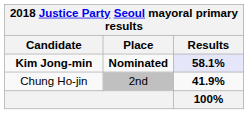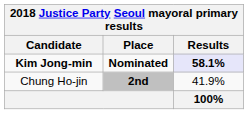 <table class="wikitable" style="text-align:center;">
 <tr>
 <th colspan=4>2018 <a href='#'>Justice Party</a> <a href='#'>Seoul</a> mayoral primary results</th>
 </tr>
 <tr>
 <th width=130><strong>Candidate</strong></th>
 <th width=90><strong>Place</strong></th>
 <th width=90><strong>Results</strong></th>
 </tr>
 <tr>
 <td><strong>Kim Jong-min</strong></td>
 <td style="background:"><strong>Nominated</strong></td>
 <td style="background: lavender;"><strong>58.1%</strong></td>
 </tr>
 <tr>
 <td>Chung Ho-jin</td>
-<td bgcolor=silver>2nd</td>
-<td><strong>41.9%</strong></td>
+<td bgcolor=silver><strong>2nd</strong></td>
+<td>41.9%</td>
 </tr>
 <tr>
 <th colspan=2></th>
 <th>100%</th>
 </tr>
 </table>
